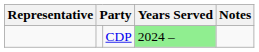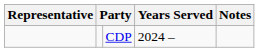 <table class="wikitable">
 <tr>
 <th>Representative</th>
 <th colspan="2">Party</th>
 <th>Years Served</th>
 <th>Notes</th>
 </tr>
 <tr>
 <td></td>
 <td bgcolor=></td>
 <td><a href='#'>CDP</a></td>
-<td style="background: lightgreen;">2024 –</td>
+<td>2024 –</td>
 <td></td>
 </tr>
 </table>
